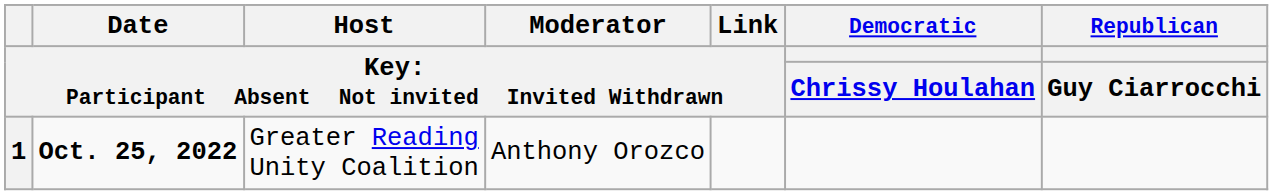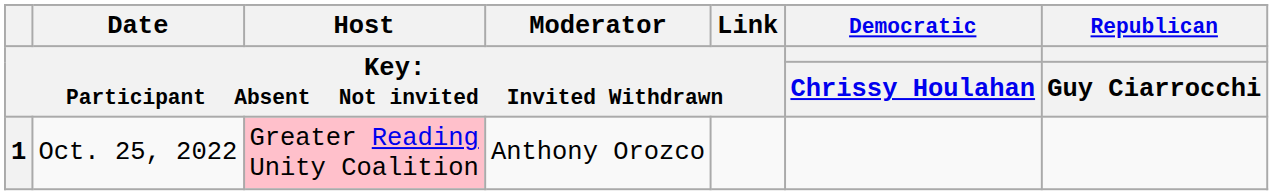 <table class="wikitable" style="text-align:center;">
 <tr>
 <th scope="col"></th>
 <th scope="col">Date</th>
 <th scope="col">Host</th>
 <th scope="col">Moderator</th>
 <th scope="col">Link</th>
 <th scope="col"><small><a href='#'>Democratic</a></small></th>
 <th scope="col"><small><a href='#'>Republican</a></small></th>
 </tr>
 <tr>
 <th colspan="5" rowspan="2">Key:<br> <small>Participant </small>  <small>Absent </small>  <small>Not invited </small>  <small>Invited  Withdrawn</small></th>
 <th scope="col" style="background:"></th>
 <th scope="col" style="background:"></th>
 </tr>
 <tr>
 <th scope="col"><a href='#'>Chrissy Houlahan</a></th>
 <th scope="col">Guy Ciarrocchi</th>
 </tr>
 <tr>
 <th>1</th>
-<td style="white-space:nowrap;"><strong>Oct. 25, 2022</strong></td>
-<td style="white-space:nowrap;">Greater <a href='#'>Reading</a><br>Unity Coalition</td>
+<td style="white-space:nowrap;">Oct. 25, 2022</td>
+<td style="background: pink; white-space:nowrap;">Greater <a href='#'>Reading</a><br>Unity Coalition</td>
 <td style="white-space:nowrap;">Anthony Orozco</td>
 <td style="white-space:nowrap;"></td>
 <td></td>
 <td></td>
 </tr>
 </table>
